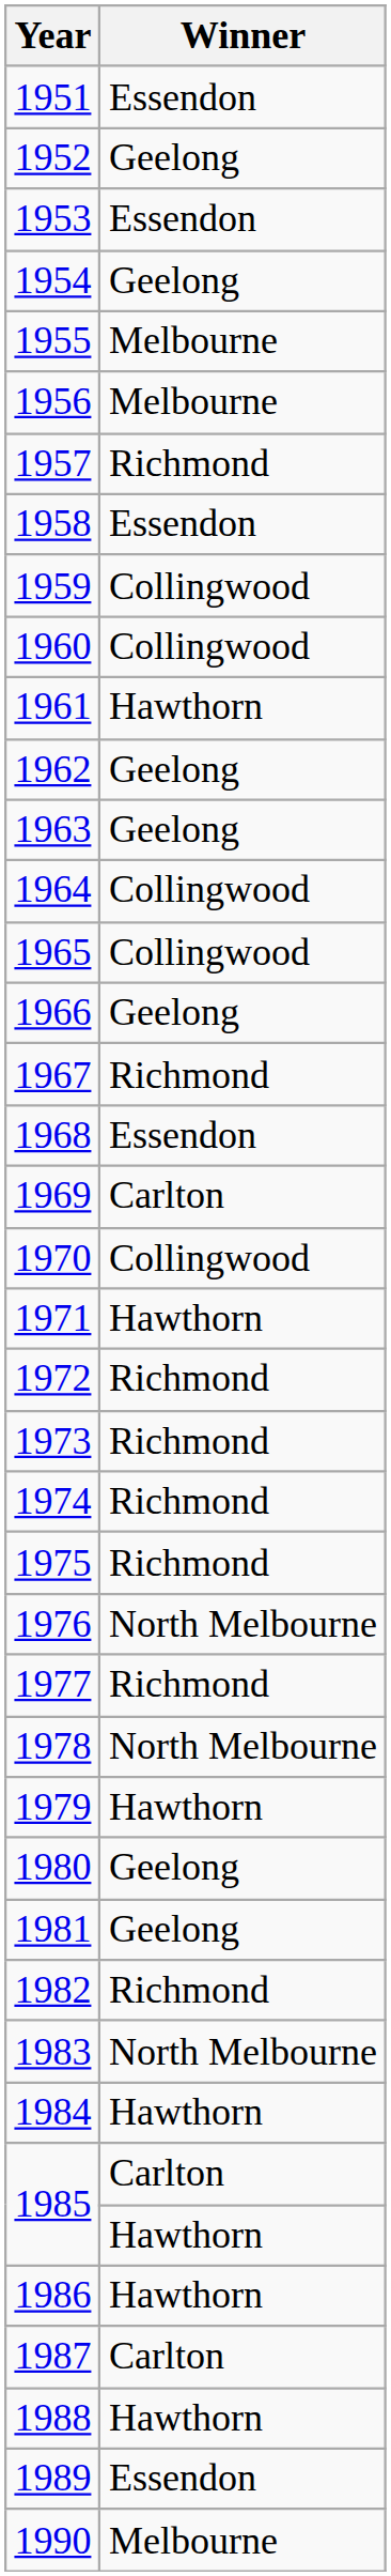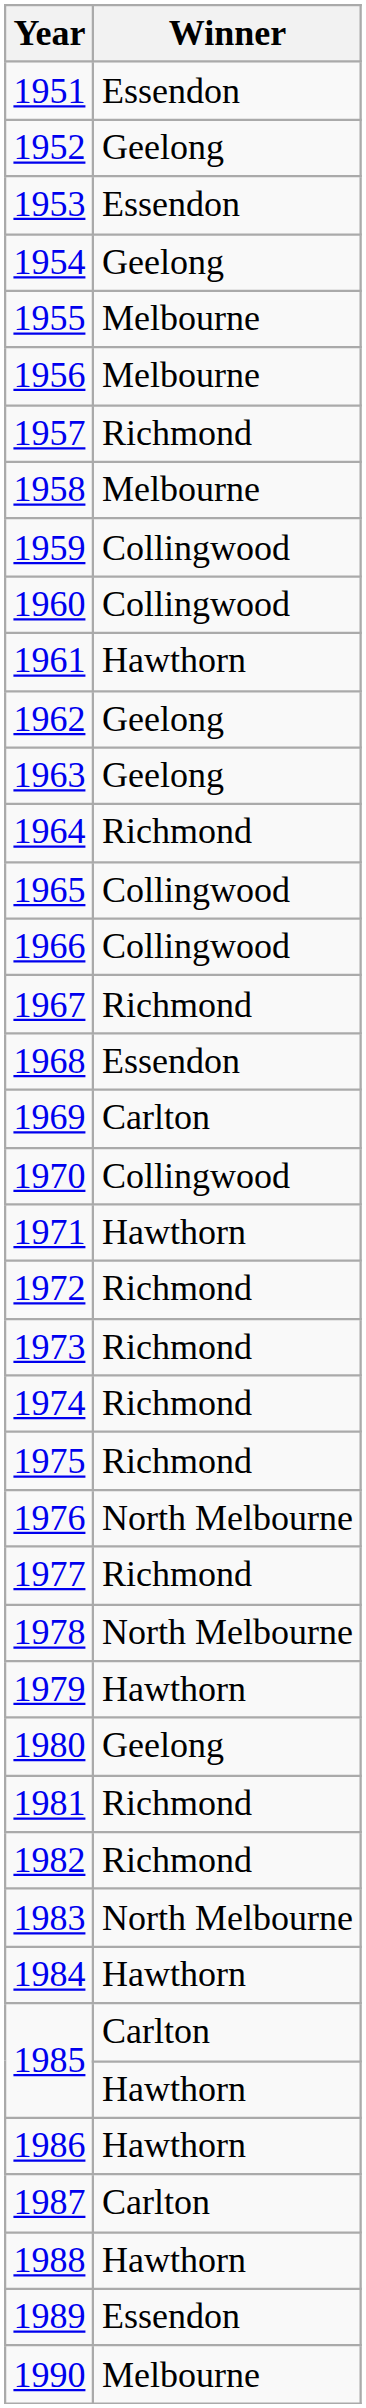 <table class="wikitable sortable">
 <tr>
 <th>Year</th>
 <th>Winner</th>
 </tr>
 <tr>
 <td><a href='#'>1951</a></td>
 <td>Essendon</td>
 </tr>
 <tr>
 <td><a href='#'>1952</a></td>
 <td>Geelong</td>
 </tr>
 <tr>
 <td><a href='#'>1953</a></td>
 <td>Essendon</td>
 </tr>
 <tr>
 <td><a href='#'>1954</a></td>
 <td>Geelong</td>
 </tr>
 <tr>
 <td><a href='#'>1955</a></td>
 <td>Melbourne</td>
 </tr>
 <tr>
 <td><a href='#'>1956</a></td>
 <td>Melbourne</td>
 </tr>
 <tr>
 <td><a href='#'>1957</a></td>
 <td>Richmond</td>
 </tr>
 <tr>
 <td><a href='#'>1958</a></td>
-<td>Essendon</td>
+<td>Melbourne</td>
 </tr>
 <tr>
 <td><a href='#'>1959</a></td>
 <td>Collingwood</td>
 </tr>
 <tr>
 <td><a href='#'>1960</a></td>
 <td>Collingwood</td>
 </tr>
 <tr>
 <td><a href='#'>1961</a></td>
 <td>Hawthorn</td>
 </tr>
 <tr>
 <td><a href='#'>1962</a></td>
 <td>Geelong</td>
 </tr>
 <tr>
 <td><a href='#'>1963</a></td>
 <td>Geelong</td>
 </tr>
 <tr>
 <td><a href='#'>1964</a></td>
-<td>Collingwood</td>
+<td>Richmond</td>
 </tr>
 <tr>
 <td><a href='#'>1965</a></td>
 <td>Collingwood</td>
 </tr>
 <tr>
 <td><a href='#'>1966</a></td>
-<td>Geelong</td>
+<td>Collingwood</td>
 </tr>
 <tr>
 <td><a href='#'>1967</a></td>
 <td>Richmond</td>
 </tr>
 <tr>
 <td><a href='#'>1968</a></td>
 <td>Essendon</td>
 </tr>
 <tr>
 <td><a href='#'>1969</a></td>
 <td>Carlton</td>
 </tr>
 <tr>
 <td><a href='#'>1970</a></td>
 <td>Collingwood</td>
 </tr>
 <tr>
 <td><a href='#'>1971</a></td>
 <td>Hawthorn</td>
 </tr>
 <tr>
 <td><a href='#'>1972</a></td>
 <td>Richmond</td>
 </tr>
 <tr>
 <td><a href='#'>1973</a></td>
 <td>Richmond</td>
 </tr>
 <tr>
 <td><a href='#'>1974</a></td>
 <td>Richmond</td>
 </tr>
 <tr>
 <td><a href='#'>1975</a></td>
 <td>Richmond</td>
 </tr>
 <tr>
 <td><a href='#'>1976</a></td>
 <td>North Melbourne</td>
 </tr>
 <tr>
 <td><a href='#'>1977</a></td>
 <td>Richmond</td>
 </tr>
 <tr>
 <td><a href='#'>1978</a></td>
 <td>North Melbourne</td>
 </tr>
 <tr>
 <td><a href='#'>1979</a></td>
 <td>Hawthorn</td>
 </tr>
 <tr>
 <td><a href='#'>1980</a></td>
 <td>Geelong</td>
 </tr>
 <tr>
 <td><a href='#'>1981</a></td>
-<td>Geelong</td>
+<td>Richmond</td>
 </tr>
 <tr>
 <td><a href='#'>1982</a></td>
 <td>Richmond</td>
 </tr>
 <tr>
 <td><a href='#'>1983</a></td>
 <td>North Melbourne</td>
 </tr>
 <tr>
 <td><a href='#'>1984</a></td>
 <td>Hawthorn</td>
 </tr>
 <tr>
 <td rowspan="2"><a href='#'>1985</a></td>
 <td>Carlton</td>
 </tr>
 <tr>
 <td>Hawthorn</td>
 </tr>
 <tr>
 <td><a href='#'>1986</a></td>
 <td>Hawthorn</td>
 </tr>
 <tr>
 <td><a href='#'>1987</a></td>
 <td>Carlton</td>
 </tr>
 <tr>
 <td><a href='#'>1988</a></td>
 <td>Hawthorn</td>
 </tr>
 <tr>
 <td><a href='#'>1989</a></td>
 <td>Essendon</td>
 </tr>
 <tr>
 <td><a href='#'>1990</a></td>
 <td>Melbourne</td>
 </tr>
 </table>
